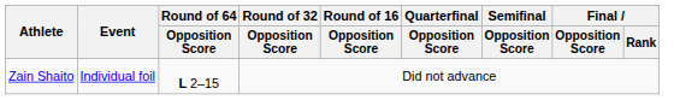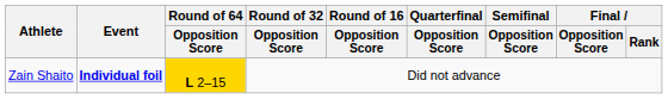 <table class="wikitable" style="font-size:90%">
 <tr>
 <th rowspan="2">Athlete</th>
 <th rowspan="2">Event</th>
 <th>Round of 64</th>
 <th>Round of 32</th>
 <th>Round of 16</th>
 <th>Quarterfinal</th>
 <th>Semifinal</th>
 <th colspan=2>Final / </th>
 </tr>
 <tr style="font-size:95%">
 <th>Opposition <br> Score</th>
 <th>Opposition <br> Score</th>
 <th>Opposition <br> Score</th>
 <th>Opposition <br> Score</th>
 <th>Opposition <br> Score</th>
 <th>Opposition <br> Score</th>
 <th>Rank</th>
 </tr>
 <tr align=center>
 <td align=left><a href='#'>Zain Shaito</a></td>
-<td align=left><a href='#'>Individual foil</a></td>
-<td><br><strong>L</strong> 2–15</td>
+<td align=left><strong><a href='#'>Individual foil</a></strong></td>
+<td style="background: gold;"><br><strong>L</strong> 2–15</td>
 <td colspan=6>Did not advance</td>
 </tr>
 </table>
